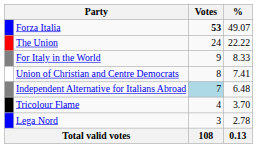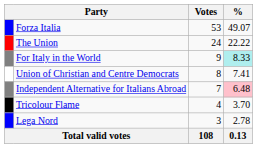 <table class="wikitable">
 <tr>
 <th colspan="2" style="width: 130px">Party</th>
 <th style="width: 50px">Votes</th>
 <th style="width: 40px">%</th>
 </tr>
 <tr>
 <td style="background-color:blue">  </td>
 <td style="text-align: left"><a href='#'>Forza Italia</a></td>
-<td style="text-align: right"><strong>53</strong></td>
+<td style="text-align: right">53</td>
 <td style="text-align: right">49.07</td>
 </tr>
 <tr>
 <td style="background-color:red">  </td>
 <td style="text-align: left"><a href='#'>The Union</a></td>
 <td style="text-align: right">24</td>
 <td style="text-align: right">22.22</td>
 </tr>
 <tr>
 <td style="background-color:grey">  </td>
 <td style="text-align: left"><a href='#'>For Italy in the World</a></td>
 <td align="right">9</td>
-<td align="right">8.33</td>
+<td align="right" style="background: paleturquoise;">8.33</td>
 </tr>
 <tr>
 <td style="background-color:white">  </td>
 <td style="text-align: left"><a href='#'>Union of Christian and Centre Democrats</a></td>
 <td align="right">8</td>
 <td align="right">7.41</td>
 </tr>
 <tr>
 <td style="background-color:grey">  </td>
 <td style="text-align: left"><a href='#'>Independent Alternative for Italians Abroad</a></td>
-<td align="right" style="background: lightblue;">7</td>
-<td align="right">6.48</td>
+<td align="right">7</td>
+<td align="right" style="background: pink;">6.48</td>
 </tr>
 <tr>
 <td style="background-color:black">  </td>
 <td style="text-align: left"><a href='#'>Tricolour Flame</a></td>
 <td align="right">4</td>
 <td align="right">3.70</td>
 </tr>
 <tr>
 <td style="background-color:blue">  </td>
 <td style="text-align: left"><a href='#'>Lega Nord</a></td>
 <td align="right">3</td>
 <td align="right">2.78</td>
 </tr>
 <tr bgcolor="white">
 <th align="right" colspan=2>Total valid votes</th>
 <th align="right">108</th>
 <th align="right">0.13</th>
 </tr>
 </table>
